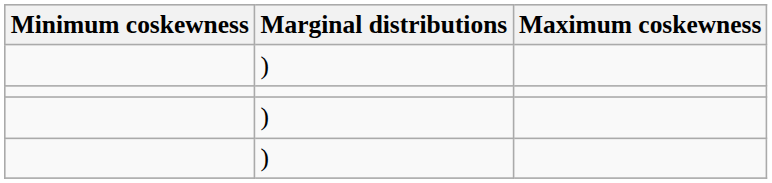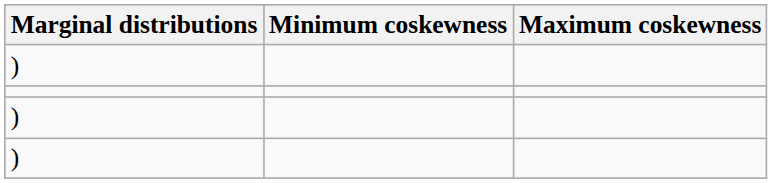 <table class="wikitable">
 <tr>
+<th>Marginal distributions</th>
 <th>Minimum coskewness</th>
-<th>Marginal distributions</th>
 <th>Maximum coskewness</th>
 </tr>
 <tr>
+<td>)</td>
 <td></td>
-<td>)</td>
 <td></td>
 </tr>
 <tr>
 <td></td>
 <td></td>
 <td></td>
 </tr>
 <tr>
+<td>)</td>
 <td></td>
-<td>)</td>
 <td></td>
 </tr>
 <tr>
+<td>)</td>
 <td></td>
-<td>)</td>
 <td></td>
 </tr>
 </table>
